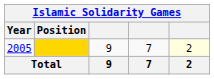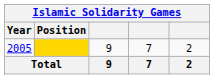 <table class="wikitable" style="text-align: center;font-size:90%;">
 <tr>
 <th colspan=5><a href='#'>Islamic Solidarity Games</a></th>
 </tr>
 <tr>
 <th>Year</th>
 <th>Position</th>
 <th width=40></th>
 <th width=40></th>
 <th width=40></th>
 </tr>
 <tr>
 <td> <a href='#'>2005</a></td>
 <td bgcolor=gold></td>
 <td>9</td>
 <td>7</td>
-<td style="background: lightyellow;">2</td>
+<td>2</td>
 </tr>
 <tr>
 <th colspan=2>Total</th>
 <th>9</th>
 <th>7</th>
 <th>2</th>
 </tr>
 </table>
